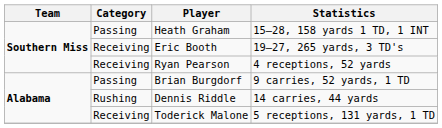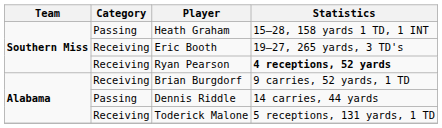 <table class="wikitable" style="float: right;">
 <tr>
 <th>Team</th>
 <th>Category</th>
 <th>Player</th>
 <th>Statistics</th>
 </tr>
 <tr>
 <td rowspan=3><strong>Southern Miss</strong></td>
 <td>Passing</td>
 <td>Heath Graham</td>
 <td>15–28, 158 yards 1 TD, 1 INT</td>
 </tr>
 <tr>
 <td>Receiving</td>
 <td>Eric Booth</td>
 <td>19–27, 265 yards, 3 TD's</td>
 </tr>
 <tr>
 <td>Receiving</td>
 <td>Ryan Pearson</td>
-<td>4 receptions, 52 yards</td>
+<td><strong>4 receptions, 52 yards</strong></td>
 </tr>
 <tr>
 <td rowspan=3><strong>Alabama</strong></td>
-<td>Passing</td>
+<td>Receiving</td>
 <td>Brian Burgdorf</td>
 <td>9 carries, 52 yards, 1 TD</td>
 </tr>
 <tr>
-<td>Rushing</td>
+<td>Passing</td>
 <td>Dennis Riddle</td>
 <td>14 carries, 44 yards</td>
 </tr>
 <tr>
 <td>Receiving</td>
 <td>Toderick Malone</td>
 <td>5 receptions, 131 yards, 1 TD</td>
 </tr>
 <tr>
 </tr>
 </table>
